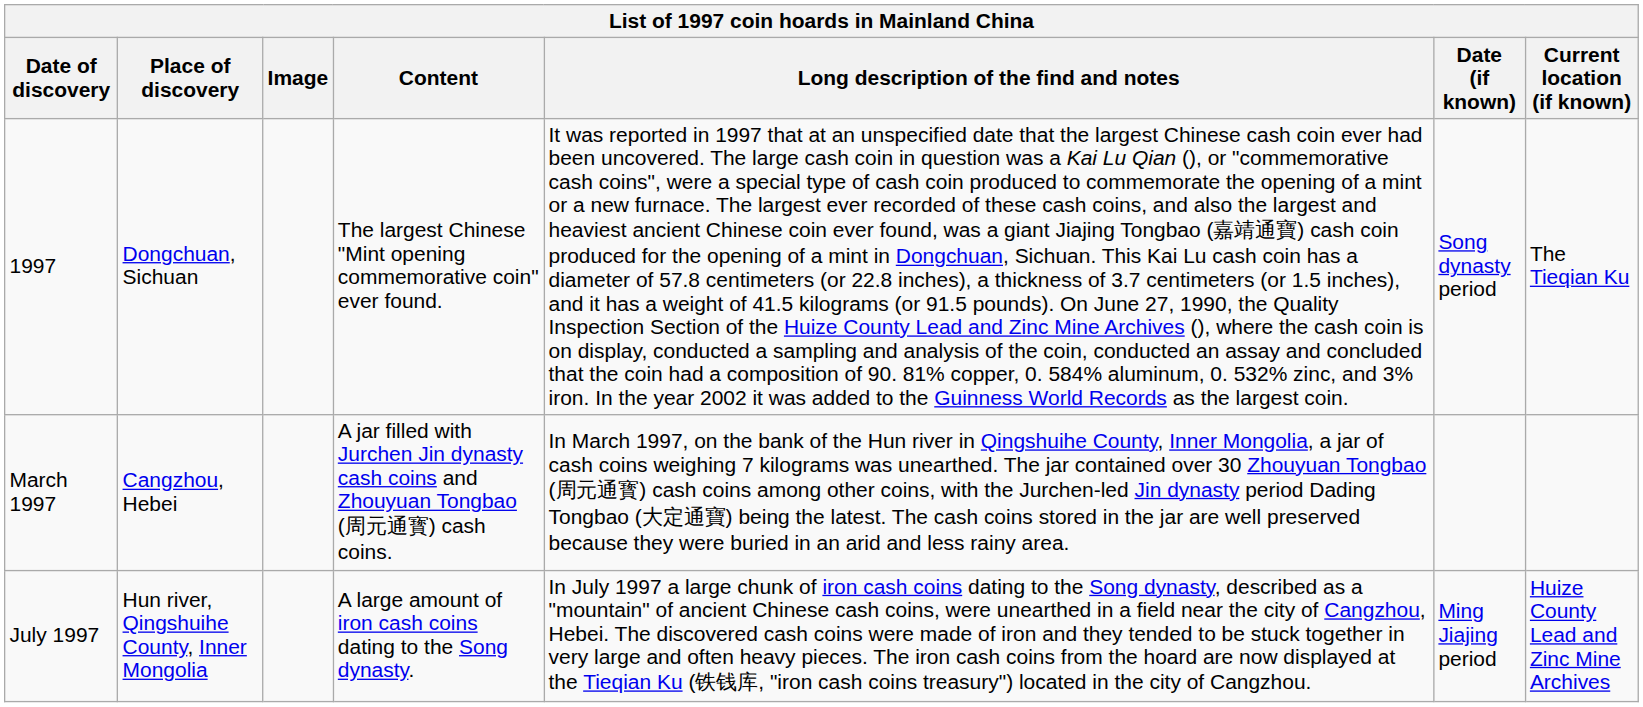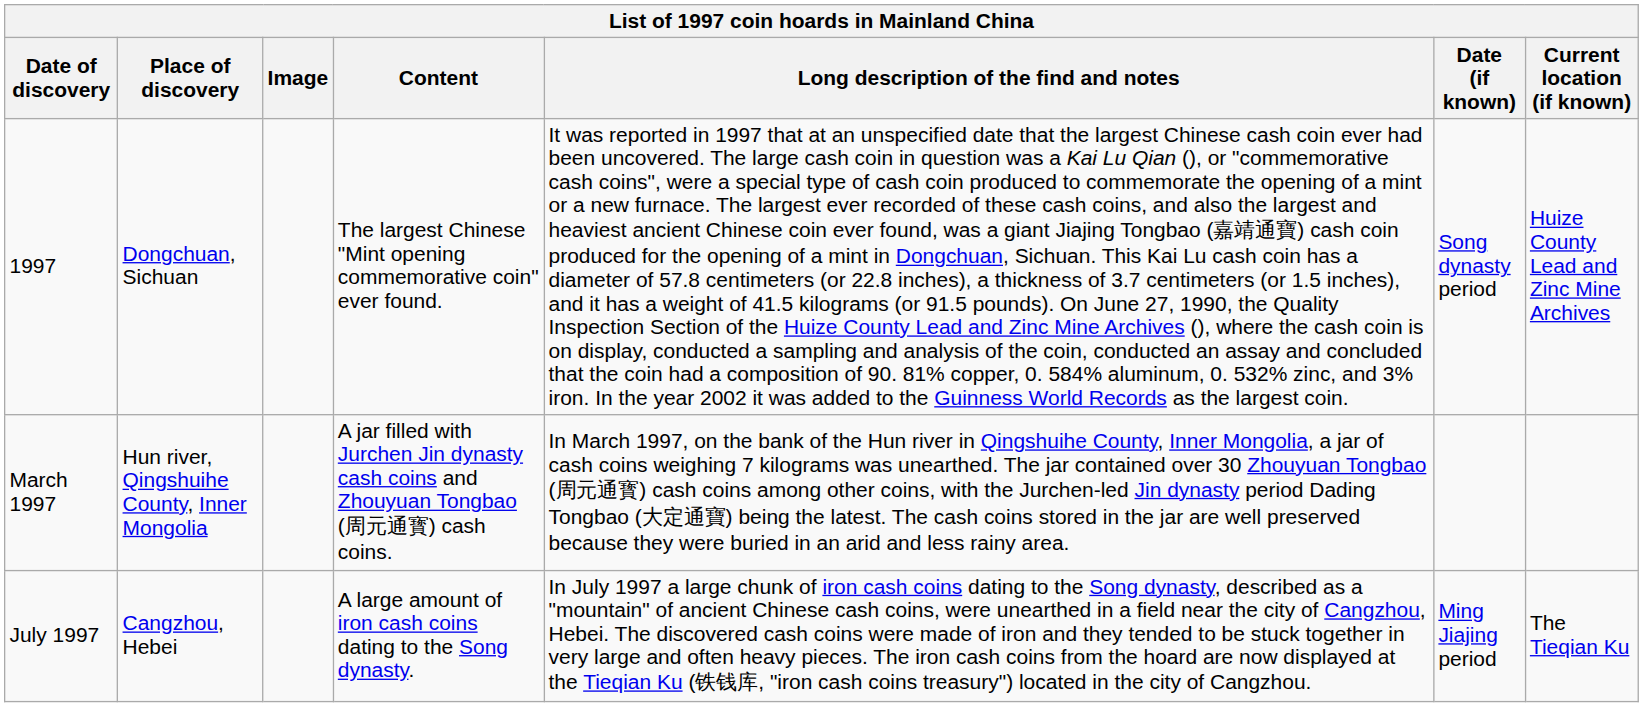 <table class="wikitable" style="font-size: 100%">
 <tr>
 <th colspan=7>List of 1997 coin hoards in Mainland China</th>
 </tr>
 <tr>
 <th>Date of discovery</th>
 <th>Place of discovery</th>
 <th>Image</th>
 <th>Content</th>
 <th>Long description of the find and notes</th>
 <th>Date<br>(if known)</th>
 <th>Current location<br>(if known)</th>
 </tr>
 <tr>
 <td>1997</td>
 <td><a href='#'>Dongchuan</a>, Sichuan</td>
 <td></td>
 <td>The largest Chinese "Mint opening commemorative coin" ever found.</td>
 <td>It was reported in 1997 that at an unspecified date that the largest Chinese cash coin ever had been uncovered. The large cash coin in question was a <em>Kai Lu Qian</em> (), or "commemorative cash coins", were a special type of cash coin produced to commemorate the opening of a mint or a new furnace. The largest ever recorded of these cash coins, and also the largest and heaviest ancient Chinese coin ever found, was a giant Jiajing Tongbao (嘉靖通寶) cash coin produced for the opening of a mint in <a href='#'>Dongchuan</a>, Sichuan. This Kai Lu cash coin has a diameter of 57.8 centimeters (or 22.8 inches), a thickness of 3.7 centimeters (or 1.5 inches), and it has a weight of 41.5 kilograms (or 91.5 pounds). On June 27, 1990, the Quality Inspection Section of the <a href='#'>Huize County Lead and Zinc Mine Archives</a> (), where the cash coin is on display, conducted a sampling and analysis of the coin, conducted an assay and concluded that the coin had a composition of 90. 81% copper, 0. 584% aluminum, 0. 532% zinc, and 3% iron. In the year 2002 it was added to the <a href='#'>Guinness World Records</a> as the largest coin.</td>
 <td><a href='#'>Song dynasty</a> period</td>
-<td>The <a href='#'>Tieqian Ku</a></td>
+<td><a href='#'>Huize County Lead and Zinc Mine Archives</a></td>
 </tr>
 <tr>
 <td>March 1997</td>
-<td><a href='#'>Cangzhou</a>, Hebei</td>
+<td>Hun river, <a href='#'>Qingshuihe County</a>, <a href='#'>Inner Mongolia</a></td>
 <td></td>
 <td>A jar filled with <a href='#'>Jurchen Jin dynasty cash coins</a> and <a href='#'>Zhouyuan Tongbao</a> (周元通寳) cash coins.</td>
 <td>In March 1997, on the bank of the Hun river in <a href='#'>Qingshuihe County</a>, <a href='#'>Inner Mongolia</a>, a jar of cash coins weighing 7 kilograms was unearthed. The jar contained over 30 <a href='#'>Zhouyuan Tongbao</a> (周元通寳) cash coins among other coins, with the Jurchen-led <a href='#'>Jin dynasty</a> period Dading Tongbao (大定通寶) being the latest. The cash coins stored in the jar are well preserved because they were buried in an arid and less rainy area.</td>
 <td></td>
 <td></td>
 </tr>
 <tr>
 <td>July 1997</td>
-<td>Hun river, <a href='#'>Qingshuihe County</a>, <a href='#'>Inner Mongolia</a></td>
+<td><a href='#'>Cangzhou</a>, Hebei</td>
 <td></td>
 <td>A large amount of <a href='#'>iron cash coins</a> dating to the <a href='#'>Song dynasty</a>.</td>
 <td>In July 1997 a large chunk of <a href='#'>iron cash coins</a> dating to the <a href='#'>Song dynasty</a>, described as a "mountain" of ancient Chinese cash coins, were unearthed in a field near the city of <a href='#'>Cangzhou</a>, Hebei. The discovered cash coins were made of iron and they tended to be stuck together in very large and often heavy pieces. The iron cash coins from the hoard are now displayed at the <a href='#'>Tieqian Ku</a> (铁钱库, "iron cash coins treasury") located in the city of Cangzhou.</td>
 <td><a href='#'>Ming</a> <a href='#'>Jiajing</a> period</td>
-<td><a href='#'>Huize County Lead and Zinc Mine Archives</a></td>
+<td>The <a href='#'>Tieqian Ku</a></td>
 </tr>
 </table>
